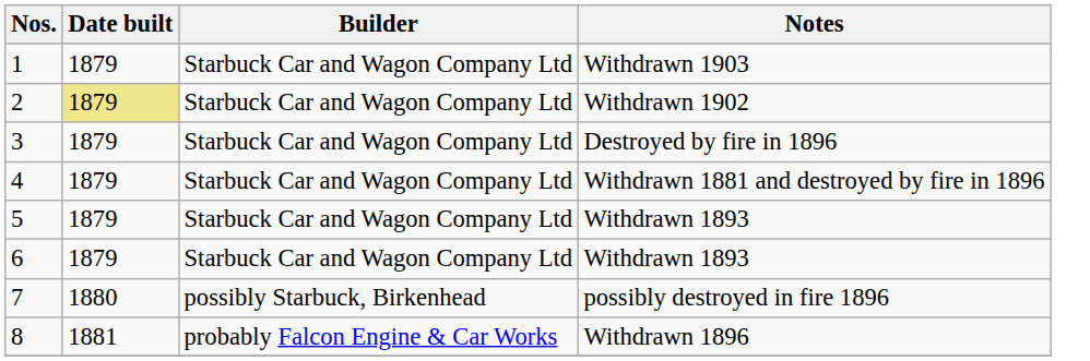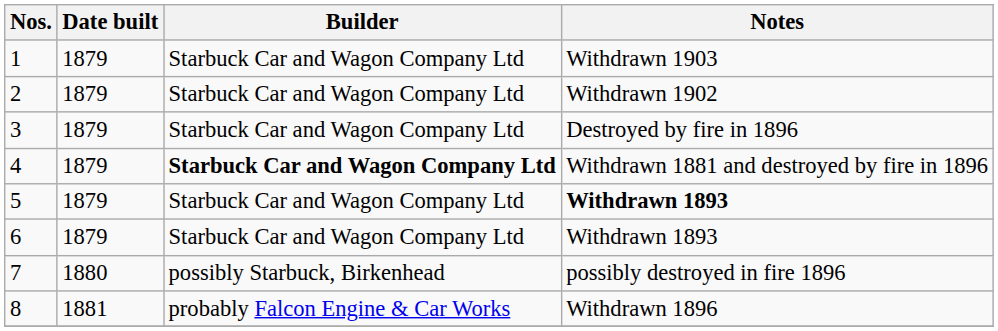 <table class="wikitable">
 <tr>
 <th>Nos.</th>
 <th>Date built</th>
 <th>Builder</th>
 <th>Notes</th>
 </tr>
 <tr>
 <td>1</td>
 <td>1879</td>
 <td>Starbuck Car and Wagon Company Ltd</td>
 <td>Withdrawn 1903</td>
 </tr>
 <tr>
 <td>2</td>
-<td style="background: khaki;">1879</td>
+<td>1879</td>
 <td>Starbuck Car and Wagon Company Ltd</td>
 <td>Withdrawn 1902</td>
 </tr>
 <tr>
 <td>3</td>
 <td>1879</td>
 <td>Starbuck Car and Wagon Company Ltd</td>
 <td>Destroyed by fire in 1896</td>
 </tr>
 <tr>
 <td>4</td>
 <td>1879</td>
-<td>Starbuck Car and Wagon Company Ltd</td>
+<td><strong>Starbuck Car and Wagon Company Ltd</strong></td>
 <td>Withdrawn 1881 and destroyed by fire in 1896</td>
 </tr>
 <tr>
 <td>5</td>
 <td>1879</td>
 <td>Starbuck Car and Wagon Company Ltd</td>
-<td>Withdrawn 1893</td>
+<td><strong>Withdrawn 1893</strong></td>
 </tr>
 <tr>
 <td>6</td>
 <td>1879</td>
 <td>Starbuck Car and Wagon Company Ltd</td>
 <td>Withdrawn 1893</td>
 </tr>
 <tr>
 <td>7</td>
 <td>1880</td>
 <td>possibly Starbuck, Birkenhead</td>
 <td>possibly destroyed in fire 1896</td>
 </tr>
 <tr>
 <td>8</td>
 <td>1881</td>
 <td>probably <a href='#'>Falcon Engine & Car Works</a></td>
 <td>Withdrawn 1896</td>
 </tr>
 <tr>
 </tr>
 </table>
